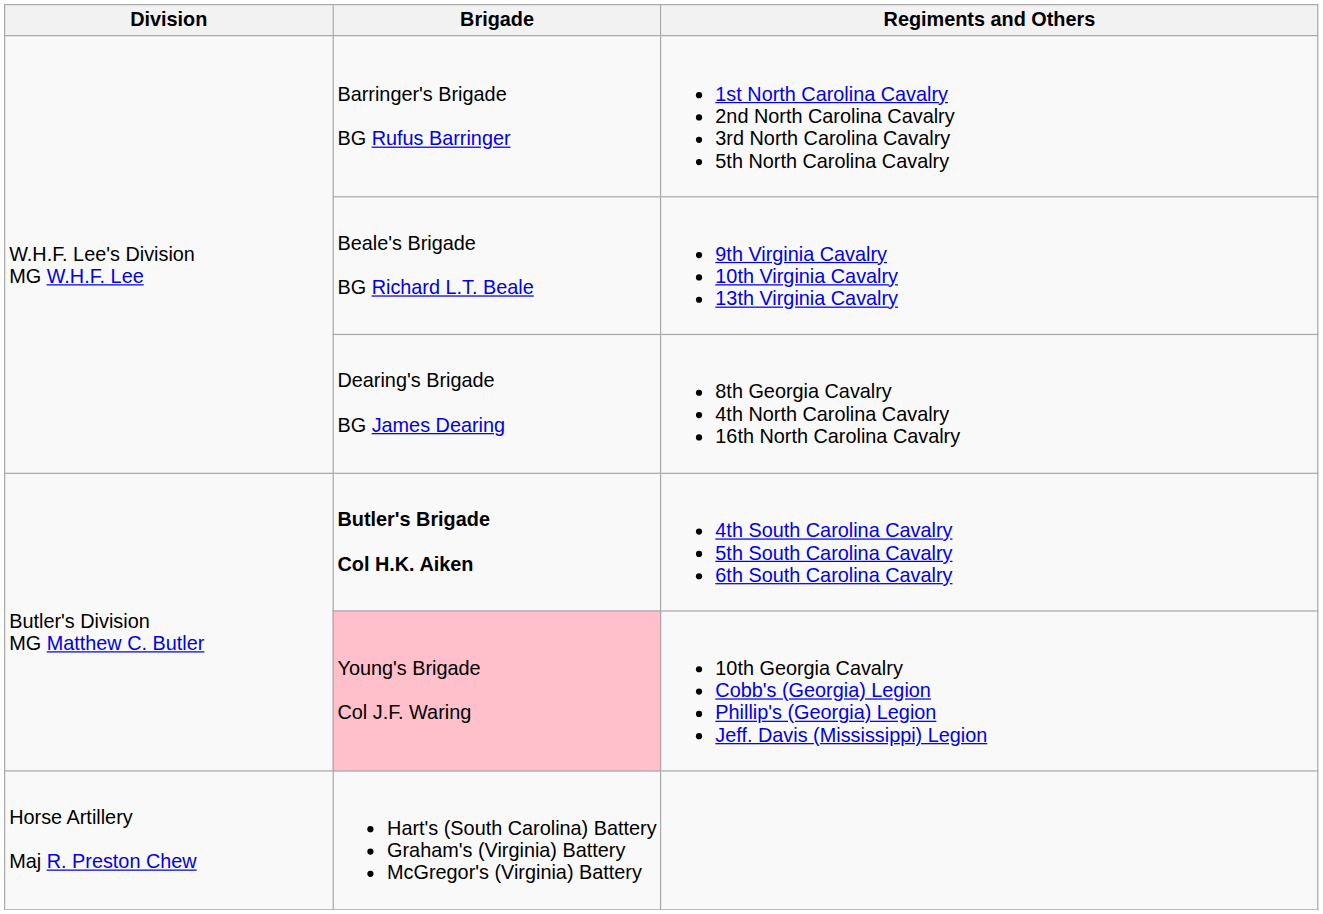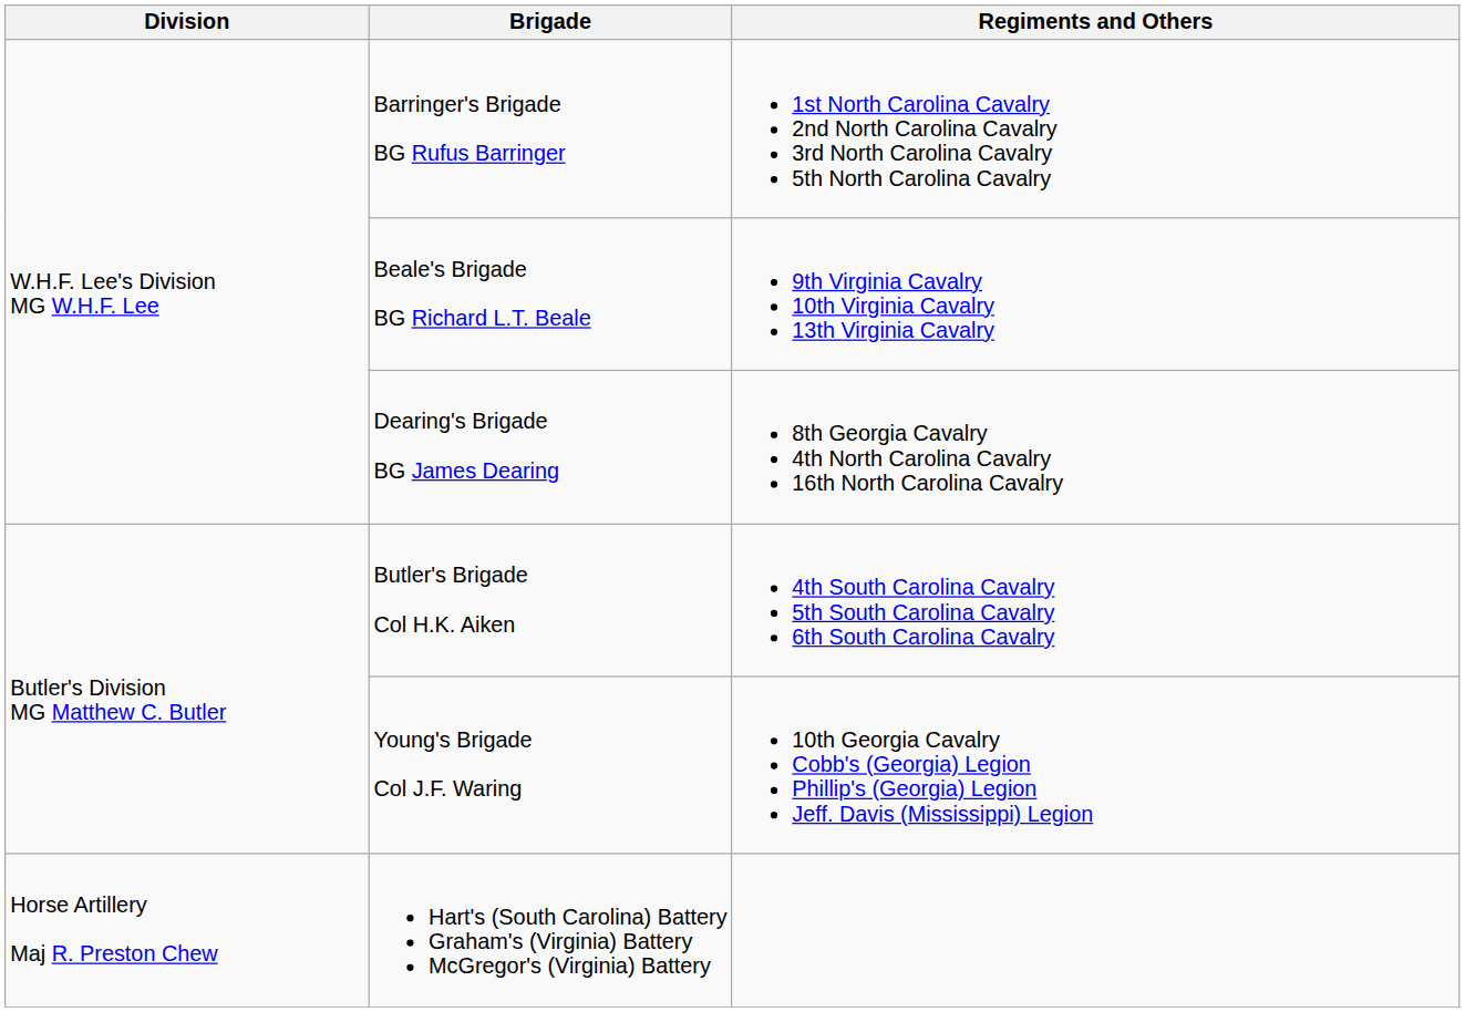 <table class="wikitable">
 <tr>
 <th style="width:25%;">Division</th>
 <th style="width:25%;">Brigade</th>
 <th>Regiments and Others</th>
 </tr>
 <tr>
 <td rowspan=3><br>W.H.F. Lee's Division <br> MG <a href='#'>W.H.F. Lee</a></td>
 <td>Barringer's Brigade<br><br> BG <a href='#'>Rufus Barringer</a></td>
 <td><br><ul><li><a href='#'>1st North Carolina Cavalry</a></li><li>2nd North Carolina Cavalry</li><li>3rd North Carolina Cavalry</li><li>5th North Carolina Cavalry</li></ul></td>
 </tr>
 <tr>
 <td>Beale's Brigade<br><br> BG <a href='#'>Richard L.T. Beale</a></td>
 <td><br><ul><li><a href='#'>9th Virginia Cavalry</a></li><li><a href='#'>10th Virginia Cavalry</a></li><li><a href='#'>13th Virginia Cavalry</a></li></ul></td>
 </tr>
 <tr>
 <td>Dearing's Brigade<br><br> BG <a href='#'>James Dearing</a></td>
 <td><br><ul><li>8th Georgia Cavalry</li><li>4th North Carolina Cavalry</li><li>16th North Carolina Cavalry</li></ul></td>
 </tr>
 <tr>
 <td rowspan=2><br>Butler's Division <br> MG <a href='#'>Matthew C. Butler</a></td>
-<td><strong>Butler's Brigade<br><br> Col H.K. Aiken</strong></td>
+<td>Butler's Brigade<br><br> Col H.K. Aiken</td>
 <td><br><ul><li><a href='#'>4th South Carolina Cavalry</a></li><li><a href='#'>5th South Carolina Cavalry</a></li><li><a href='#'>6th South Carolina Cavalry</a></li></ul></td>
 </tr>
 <tr>
-<td style="background: pink;">Young's Brigade<br><br> Col J.F. Waring</td>
+<td>Young's Brigade<br><br> Col J.F. Waring</td>
 <td><br><ul><li>10th Georgia Cavalry</li><li><a href='#'>Cobb's (Georgia) Legion</a></li><li><a href='#'>Phillip's (Georgia) Legion</a></li><li><a href='#'>Jeff. Davis (Mississippi) Legion</a></li></ul></td>
 </tr>
 <tr>
 <td>Horse Artillery<br><br> Maj <a href='#'>R. Preston Chew</a></td>
 <td><br><ul><li>Hart's (South Carolina) Battery</li><li>Graham's (Virginia) Battery</li><li>McGregor's (Virginia) Battery</li></ul></td>
 </tr>
 </table>
